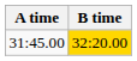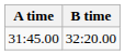 <table class="wikitable" border="1" align="upright">
 <tr>
 <th>A time</th>
 <th>B time</th>
 </tr>
 <tr>
 <td>31:45.00</td>
-<td style="background: gold;">32:20.00</td>
+<td>32:20.00</td>
 </tr>
 </table>
